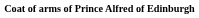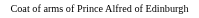 <table border="0" align="center" width="80%">
 <tr>
 <th width=25%></th>
 </tr>
 <tr>
-<td style="text-align: center;"><strong>Coat of arms of Prince Alfred of Edinburgh</strong></td>
+<td style="text-align: center;">Coat of arms of Prince Alfred of Edinburgh</td>
 </tr>
 </table>
